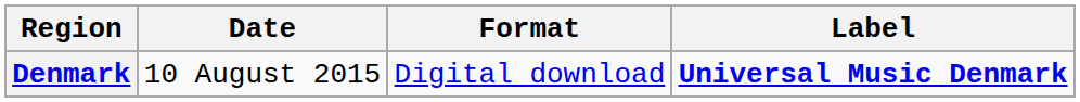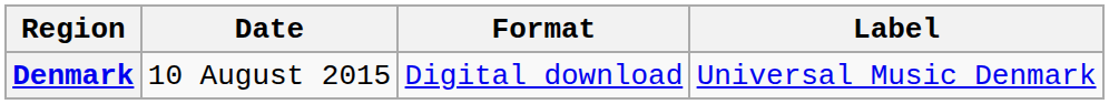 <table class="wikitable plainrowheaders">
 <tr>
 <th scope="col">Region</th>
 <th scope="col">Date</th>
 <th scope="col">Format</th>
 <th scope="col">Label</th>
 </tr>
 <tr>
 <th scope="row"><a href='#'>Denmark</a></th>
 <td>10 August 2015</td>
 <td><a href='#'>Digital download</a></td>
-<td><strong><a href='#'>Universal Music Denmark</a></strong></td>
+<td><a href='#'>Universal Music Denmark</a></td>
 </tr>
 <tr>
 </tr>
 </table>
